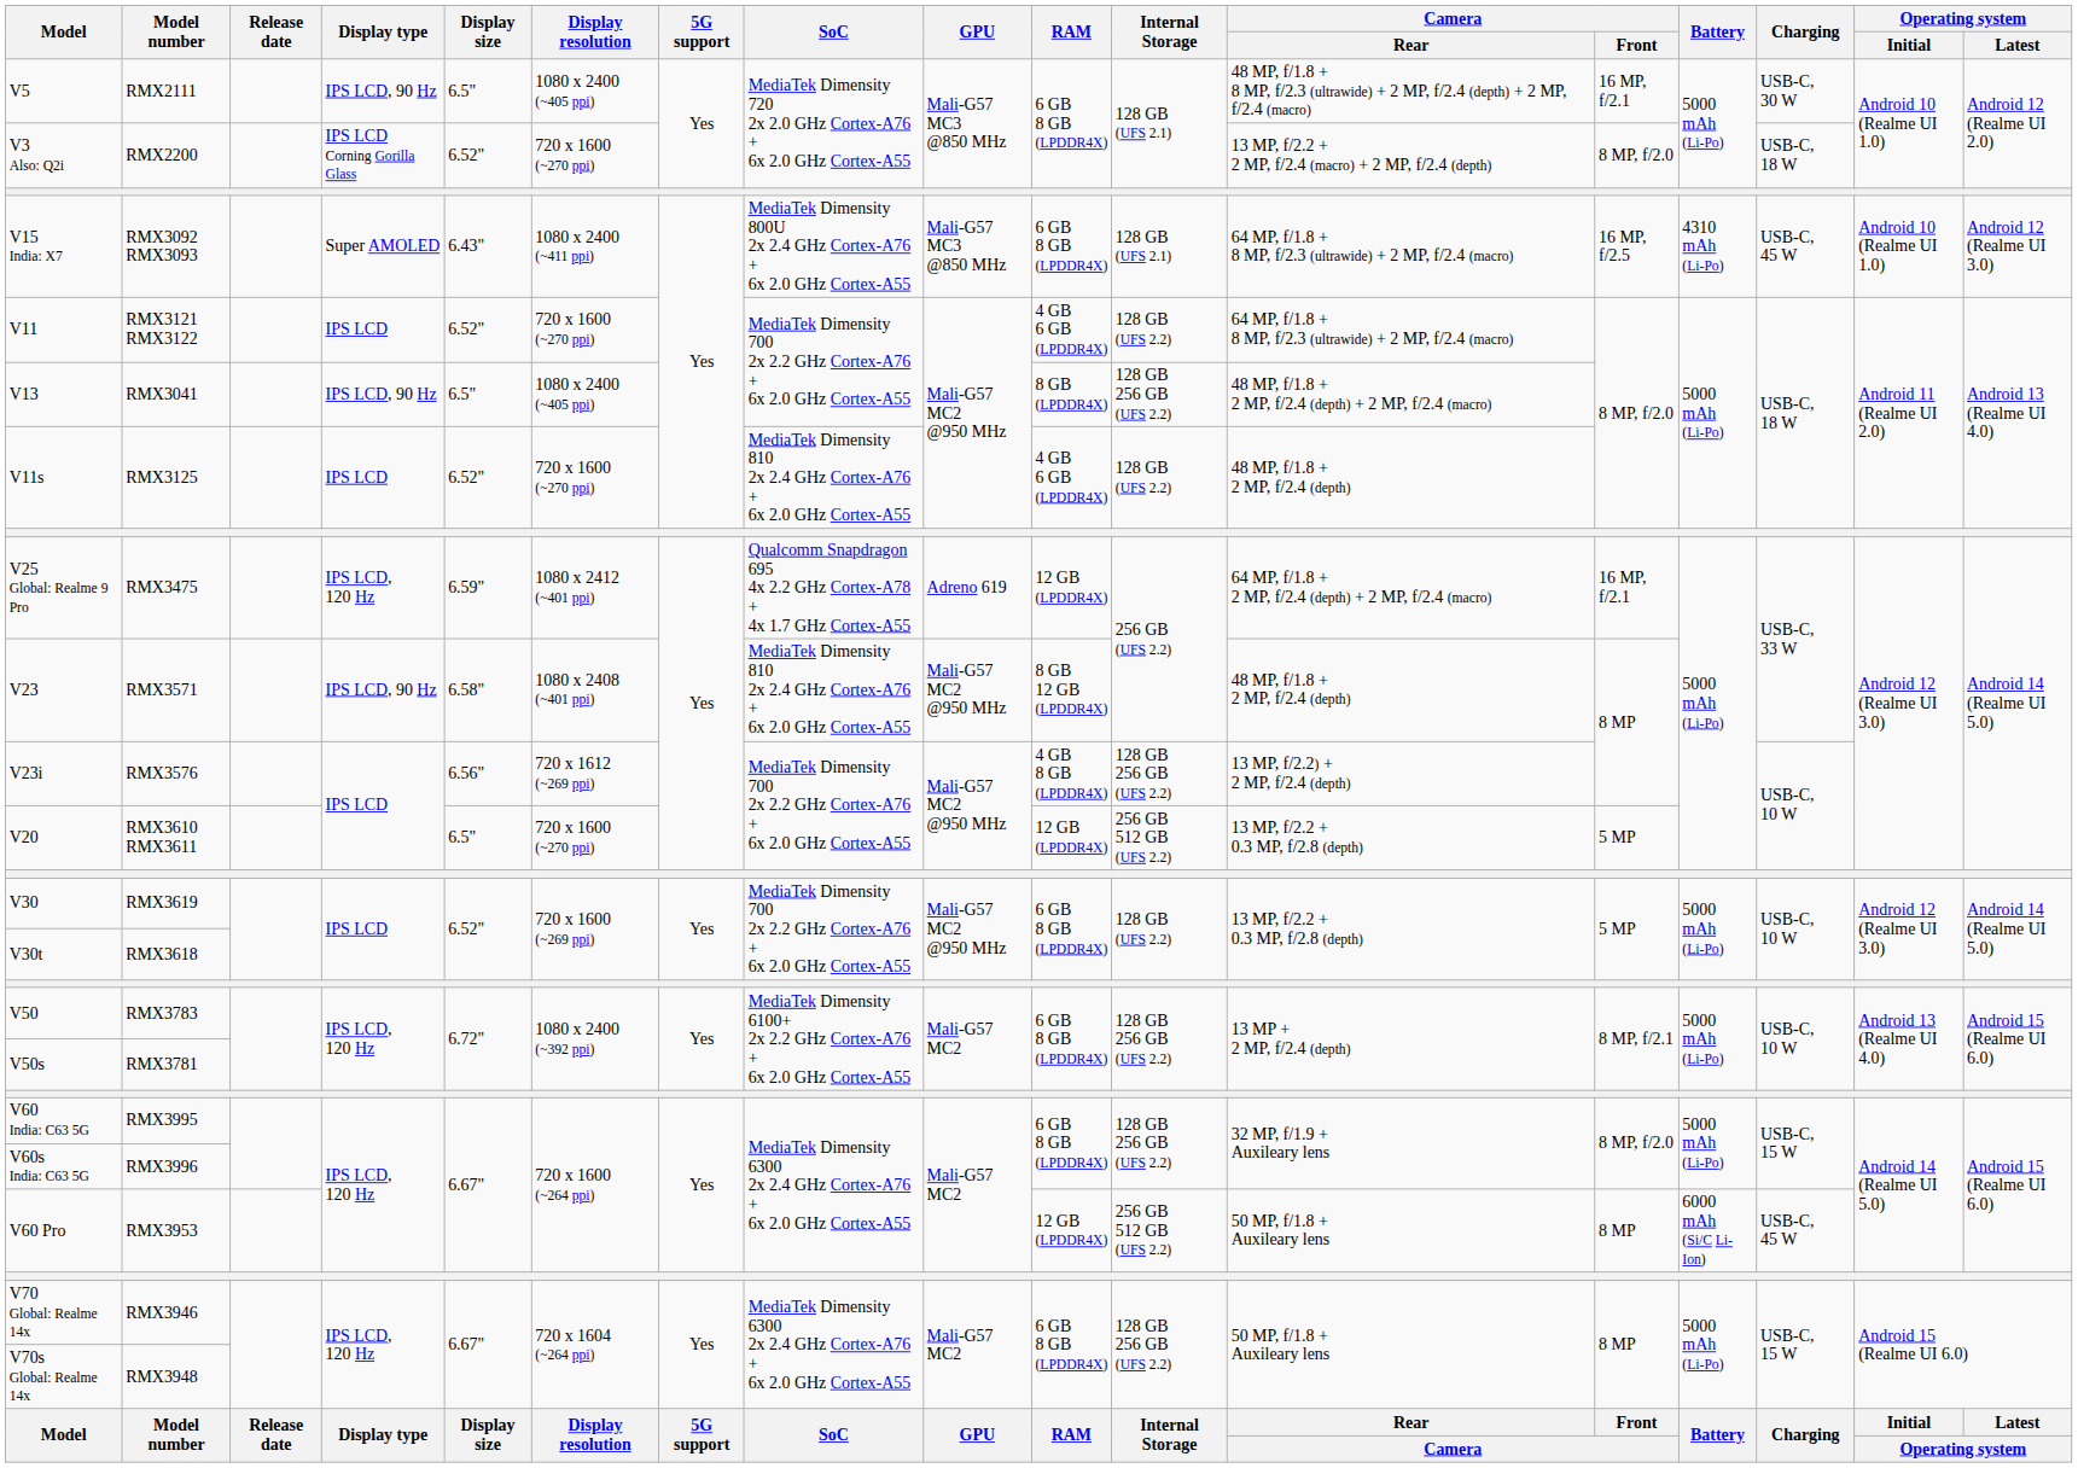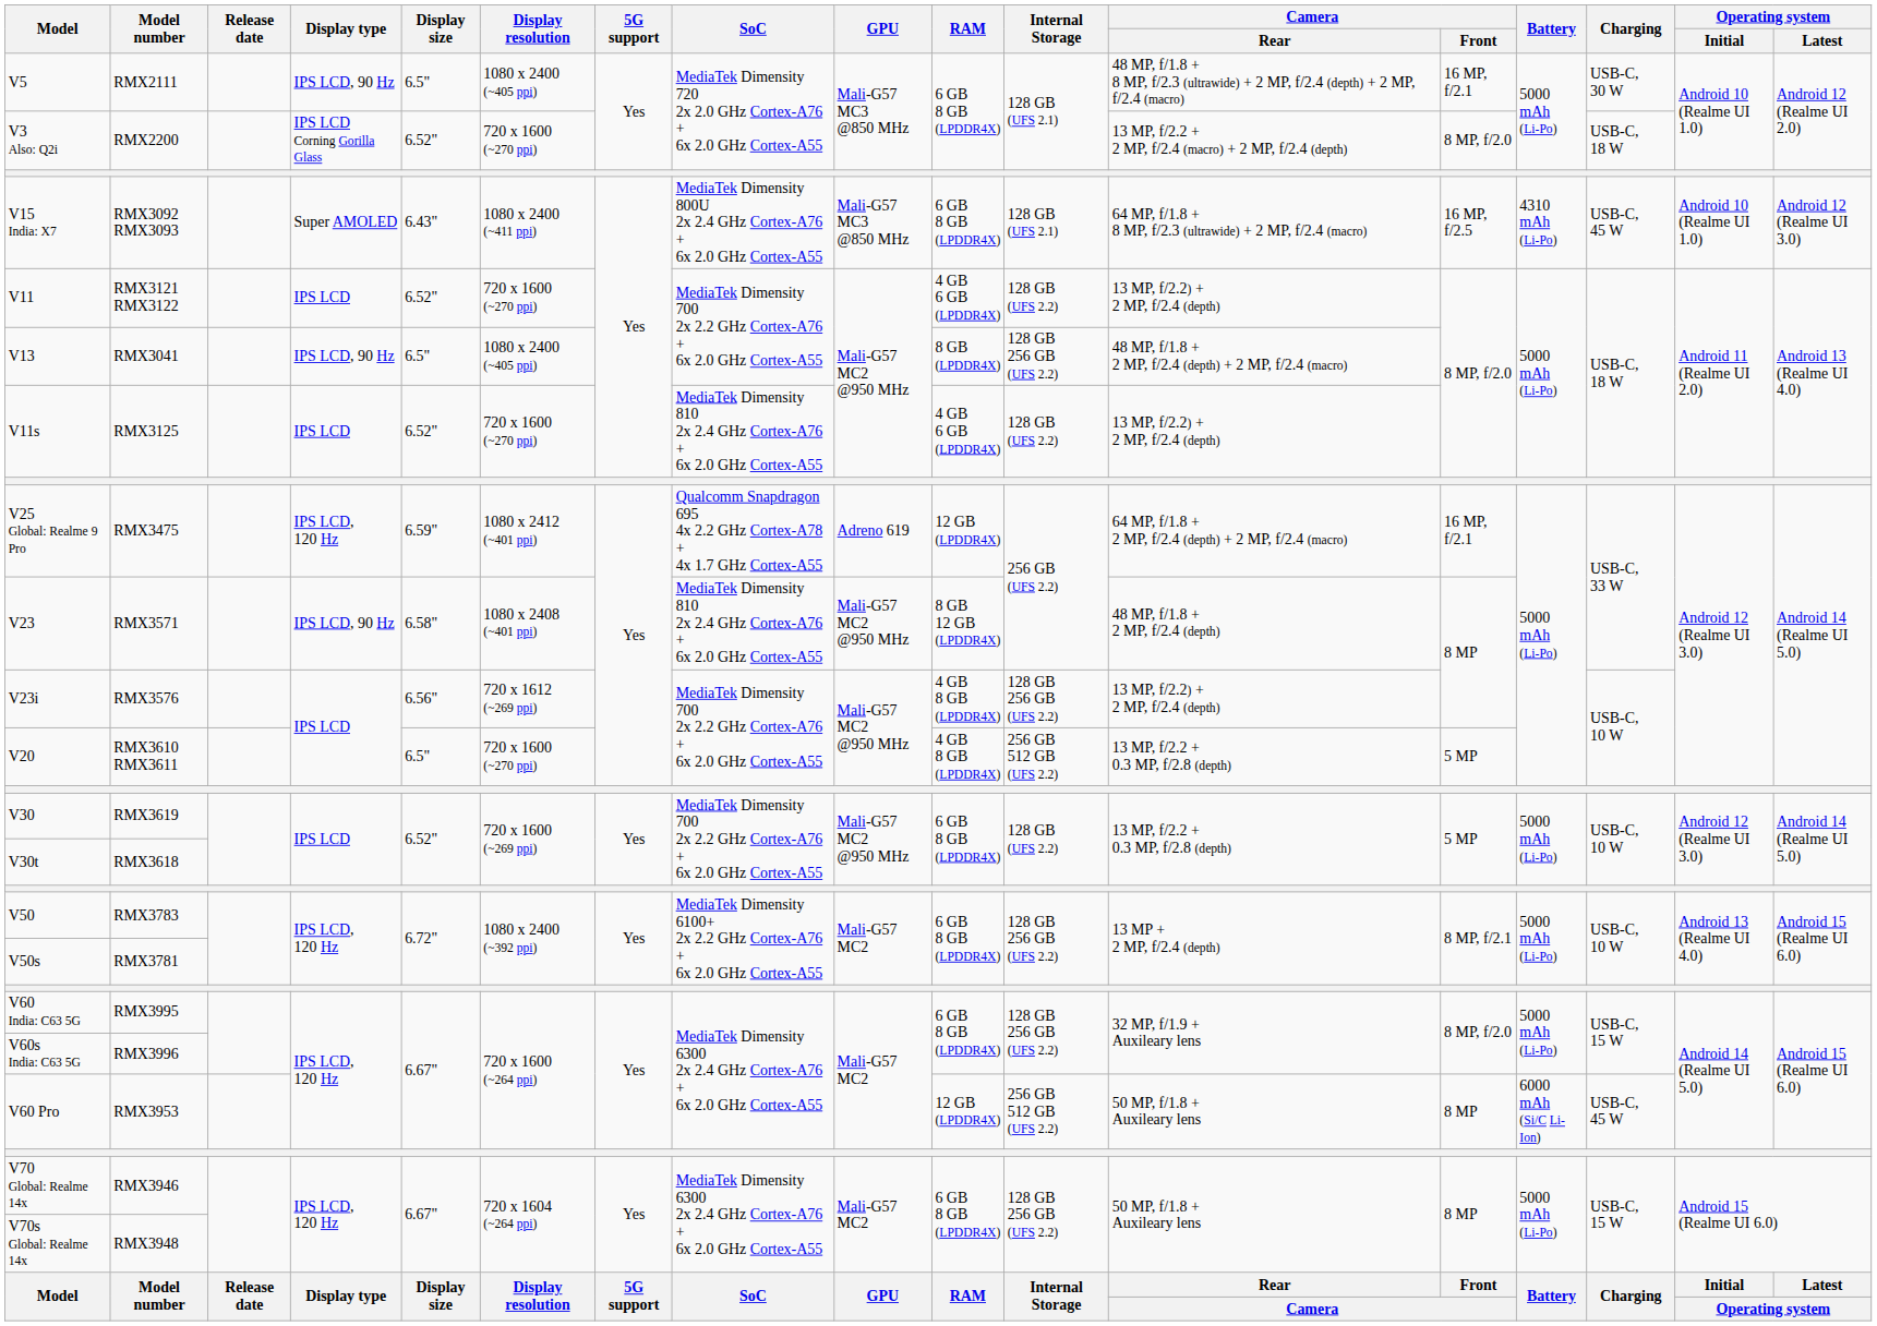 <table class="wikitable sortable mw-collapsible">
 <tr>
 <th rowspan="2">Model</th>
 <th rowspan="2">Model number</th>
 <th rowspan="2">Release date </th>
 <th rowspan="2">Display type</th>
 <th rowspan="2">Display size</th>
 <th rowspan="2"><a href='#'>Display resolution</a></th>
 <th rowspan="2"><a href='#'>5G</a> support</th>
 <th rowspan="2"><a href='#'>SoC</a></th>
 <th rowspan="2"><a href='#'>GPU</a></th>
 <th rowspan="2"><a href='#'>RAM</a></th>
 <th rowspan="2">Internal Storage</th>
 <th colspan="2"><a href='#'>Camera</a></th>
 <th rowspan="2"><a href='#'>Battery</a></th>
 <th rowspan="2">Charging</th>
 <th colspan="2"><a href='#'>Operating system</a></th>
 </tr>
 <tr>
 <th>Rear</th>
 <th>Front</th>
 <th>Initial</th>
 <th>Latest</th>
 </tr>
 <tr>
 <td>V5</td>
 <td>RMX2111</td>
 <td></td>
 <td><a href='#'>IPS LCD</a>, 90 <a href='#'>Hz</a></td>
 <td>6.5"</td>
 <td>1080 x 2400<br><small>(~405 <a href='#'>ppi</a>)</small></td>
 <td rowspan="2" style="text-align:center;">Yes</td>
 <td rowspan="2"><a href='#'>MediaTek</a> Dimensity 720<br>2x 2.0 GHz <a href='#'>Cortex-A76</a> +<br>6x 2.0 GHz <a href='#'>Cortex-A55</a></td>
 <td rowspan="2"><a href='#'>Mali</a>-G57 MC3<br>@850 MHz</td>
 <td rowspan="2">6 GB<br>8 GB<br><small>(<a href='#'>LPDDR4X</a>)</small></td>
 <td rowspan="2">128 GB<br><small>(<a href='#'>UFS</a> 2.1)</small></td>
 <td>48 MP, f/1.8 +<br>8 MP, f/2.3 <small>(ultrawide)</small> + 2 MP, f/2.4 <small>(depth)</small> + 2 MP, f/2.4 <small>(macro)</small></td>
 <td>16 MP, f/2.1</td>
 <td rowspan="2">5000 <a href='#'>mAh</a><br><small>(<a href='#'>Li-Po</a>)</small></td>
 <td>USB-C, 30 W</td>
 <td rowspan="2"><a href='#'>Android 10</a><br>(Realme UI 1.0)</td>
 <td rowspan="2"><a href='#'>Android 12</a><br>(Realme UI 2.0)</td>
 </tr>
 <tr>
 <td>V3<br><small>Also: Q2i</small></td>
 <td>RMX2200</td>
 <td></td>
 <td><a href='#'>IPS LCD</a><br><small>Corning <a href='#'>Gorilla Glass</a></small></td>
 <td>6.52"</td>
 <td>720 x 1600<br><small>(~270 <a href='#'>ppi</a>)</small></td>
 <td>13 MP, f/2.2 +<br>2 MP, f/2.4 <small>(macro)</small> + 2 MP, f/2.4 <small>(depth)</small></td>
 <td>8 MP, f/2.0</td>
 <td>USB-C, 18 W</td>
 </tr>
 <tr>
 <th colspan="17"></th>
 </tr>
 <tr>
 <td>V15<br><small>India: X7</small></td>
 <td>RMX3092<br>RMX3093</td>
 <td></td>
 <td>Super <a href='#'>AMOLED</a></td>
 <td>6.43"</td>
 <td>1080 x 2400<br><small>(~411 <a href='#'>ppi</a>)</small></td>
 <td rowspan="4" style="text-align:center;">Yes</td>
 <td><a href='#'>MediaTek</a> Dimensity 800U<br>2x 2.4 GHz <a href='#'>Cortex-A76</a> +<br>6x 2.0 GHz <a href='#'>Cortex-A55</a></td>
 <td><a href='#'>Mali</a>-G57 MC3<br>@850 MHz</td>
 <td>6 GB<br>8 GB<br><small>(<a href='#'>LPDDR4X</a>)</small></td>
 <td>128 GB<br><small>(<a href='#'>UFS</a> 2.1)</small></td>
 <td>64 MP, f/1.8 +<br>8 MP, f/2.3 <small>(ultrawide)</small>  + 2 MP, f/2.4 <small>(macro)</small></td>
 <td>16 MP, f/2.5</td>
 <td>4310 <a href='#'>mAh</a><br><small>(<a href='#'>Li-Po</a>)</small></td>
 <td>USB-C, 45 W</td>
 <td><a href='#'>Android 10</a><br>(Realme UI 1.0)</td>
 <td><a href='#'>Android 12</a><br>(Realme UI 3.0)</td>
 </tr>
 <tr>
 <td>V11</td>
 <td>RMX3121<br>RMX3122</td>
 <td></td>
 <td><a href='#'>IPS LCD</a></td>
 <td>6.52"</td>
 <td>720 x 1600<br><small>(~270 <a href='#'>ppi</a>)</small></td>
 <td rowspan="2"><a href='#'>MediaTek</a> Dimensity 700<br>2x 2.2 GHz <a href='#'>Cortex-A76</a> +<br>6x 2.0 GHz <a href='#'>Cortex-A55</a></td>
 <td rowspan="3"><a href='#'>Mali</a>-G57 MC2<br>@950 MHz</td>
 <td>4 GB<br>6 GB<br><small>(<a href='#'>LPDDR4X</a>)</small></td>
 <td>128 GB<br><small>(<a href='#'>UFS</a> 2.2)</small></td>
-<td>64 MP, f/1.8 +<br>8 MP, f/2.3 <small>(ultrawide)</small>  + 2 MP, f/2.4 <small>(macro)</small></td>
+<td>13 MP, f/2.2<small>)</small> +<br>2 MP, f/2.4 <small>(depth)</small></td>
 <td rowspan="3">8 MP, f/2.0</td>
 <td rowspan="3">5000 <a href='#'>mAh</a><br><small>(<a href='#'>Li-Po</a>)</small></td>
 <td rowspan="3">USB-C, 18 W</td>
 <td rowspan="3"><a href='#'>Android 11</a><br>(Realme UI 2.0)</td>
 <td rowspan="3"><a href='#'>Android 13</a><br>(Realme UI 4.0)</td>
 </tr>
 <tr>
 <td>V13</td>
 <td>RMX3041</td>
 <td></td>
 <td><a href='#'>IPS LCD</a>, 90 <a href='#'>Hz</a></td>
 <td>6.5"</td>
 <td>1080 x 2400<br><small>(~405 <a href='#'>ppi</a>)</small></td>
 <td>8 GB<br><small>(<a href='#'>LPDDR4X</a>)</small></td>
 <td>128 GB<br>256 GB<br><small>(<a href='#'>UFS</a> 2.2)</small></td>
 <td>48 MP, f/1.8 +<br>2 MP, f/2.4 <small>(depth)</small> + 2 MP, f/2.4 <small>(macro)</small></td>
 </tr>
 <tr>
 <td>V11s</td>
 <td>RMX3125</td>
 <td></td>
 <td><a href='#'>IPS LCD</a></td>
 <td>6.52"</td>
 <td>720 x 1600<br><small>(~270 <a href='#'>ppi</a>)</small></td>
 <td><a href='#'>MediaTek</a> Dimensity 810<br>2x 2.4 GHz <a href='#'>Cortex-A76</a> +<br>6x 2.0 GHz <a href='#'>Cortex-A55</a></td>
 <td>4 GB<br>6 GB<br><small>(<a href='#'>LPDDR4X</a>)</small></td>
 <td>128 GB<br><small>(<a href='#'>UFS</a> 2.2)</small></td>
-<td>48 MP, f/1.8 +<br>2 MP, f/2.4 <small>(depth)</small></td>
+<td>13 MP, f/2.2<small>)</small> +<br>2 MP, f/2.4 <small>(depth)</small></td>
 </tr>
 <tr>
 <th colspan="17"></th>
 </tr>
 <tr>
 <td>V25<br><small>Global: Realme 9 Pro</small></td>
 <td>RMX3475</td>
 <td></td>
 <td><a href='#'>IPS LCD</a>, 120 <a href='#'>Hz</a></td>
 <td>6.59"</td>
 <td>1080 x 2412<br><small>(~401 <a href='#'>ppi</a>)</small></td>
 <td rowspan="4" style="text-align:center;">Yes</td>
 <td><a href='#'>Qualcomm Snapdragon</a> 695<br>4x 2.2 GHz <a href='#'>Cortex-A78</a> +<br>4x 1.7 GHz <a href='#'>Cortex-A55</a></td>
 <td><a href='#'>Adreno</a> 619</td>
 <td>12 GB<br><small>(<a href='#'>LPDDR4X</a>)</small></td>
 <td rowspan="2">256 GB<br><small>(<a href='#'>UFS</a> 2.2)</small></td>
 <td>64 MP, f/1.8 +<br>2 MP, f/2.4 <small>(depth)</small> + 2 MP, f/2.4 <small>(macro)</small></td>
 <td>16 MP, f/2.1</td>
 <td rowspan="4">5000 <a href='#'>mAh</a><br><small>(<a href='#'>Li-Po</a>)</small></td>
 <td rowspan="2">USB-C, 33 W</td>
 <td rowspan="4"><a href='#'>Android 12</a><br>(Realme UI 3.0)</td>
 <td rowspan="4"><a href='#'>Android 14</a><br>(Realme UI 5.0)</td>
 </tr>
 <tr>
 <td>V23</td>
 <td>RMX3571</td>
 <td></td>
 <td><a href='#'>IPS LCD</a>, 90 <a href='#'>Hz</a></td>
 <td>6.58"</td>
 <td>1080 x 2408<br><small>(~401 <a href='#'>ppi</a>)</small></td>
 <td><a href='#'>MediaTek</a> Dimensity 810<br>2x 2.4 GHz <a href='#'>Cortex-A76</a> +<br>6x 2.0 GHz <a href='#'>Cortex-A55</a></td>
 <td><a href='#'>Mali</a>-G57 MC2<br>@950 MHz</td>
 <td>8 GB<br>12 GB<br><small>(<a href='#'>LPDDR4X</a>)</small></td>
 <td>48 MP, f/1.8 +<br>2 MP, f/2.4 <small>(depth)</small></td>
 <td rowspan="2">8 MP</td>
 </tr>
 <tr>
 <td>V23i</td>
 <td>RMX3576</td>
 <td></td>
 <td rowspan="2"><a href='#'>IPS LCD</a></td>
 <td>6.56"</td>
 <td>720 x 1612<br><small>(~269 <a href='#'>ppi</a>)</small></td>
 <td rowspan="2"><a href='#'>MediaTek</a> Dimensity 700<br>2x 2.2 GHz <a href='#'>Cortex-A76</a> +<br>6x 2.0 GHz <a href='#'>Cortex-A55</a></td>
 <td rowspan="2"><a href='#'>Mali</a>-G57 MC2<br>@950 MHz</td>
 <td>4 GB<br>8 GB<br><small>(<a href='#'>LPDDR4X</a>)</small></td>
 <td>128 GB<br>256 GB<br><small>(<a href='#'>UFS</a> 2.2)</small></td>
 <td>13 MP, f/2.2<small>)</small> +<br>2 MP, f/2.4 <small>(depth)</small></td>
 <td rowspan="2">USB-C, 10 W</td>
 </tr>
 <tr>
 <td>V20</td>
 <td>RMX3610<br>RMX3611</td>
 <td></td>
 <td>6.5"</td>
 <td>720 x 1600<br><small>(~270 <a href='#'>ppi</a>)</small></td>
-<td>12 GB<br><small>(<a href='#'>LPDDR4X</a>)</small></td>
+<td>4 GB<br>8 GB<br><small>(<a href='#'>LPDDR4X</a>)</small></td>
 <td>256 GB<br>512 GB<br><small>(<a href='#'>UFS</a> 2.2)</small></td>
 <td>13 MP, f/2.2 +<br>0.3 MP, f/2.8 <small>(depth)</small></td>
 <td>5 MP</td>
 </tr>
 <tr>
 <th colspan="17"></th>
 </tr>
 <tr>
 <td>V30</td>
 <td>RMX3619</td>
 <td rowspan="2"></td>
 <td rowspan="2"><a href='#'>IPS LCD</a></td>
 <td rowspan="2">6.52"</td>
 <td rowspan="2">720 x 1600<br><small>(~269 <a href='#'>ppi</a>)</small></td>
 <td rowspan="2" style="text-align:center;">Yes</td>
 <td rowspan="2"><a href='#'>MediaTek</a> Dimensity 700<br>2x 2.2 GHz <a href='#'>Cortex-A76</a> +<br>6x 2.0 GHz <a href='#'>Cortex-A55</a></td>
 <td rowspan="2"><a href='#'>Mali</a>-G57 MC2<br>@950 MHz</td>
 <td rowspan="2">6 GB<br>8 GB<br><small>(<a href='#'>LPDDR4X</a>)</small></td>
 <td rowspan="2">128 GB<br><small>(<a href='#'>UFS</a> 2.2)</small></td>
 <td rowspan="2">13 MP, f/2.2 +<br>0.3 MP, f/2.8 <small>(depth)</small></td>
 <td rowspan="2">5 MP</td>
 <td rowspan="2">5000 <a href='#'>mAh</a><br><small>(<a href='#'>Li-Po</a>)</small></td>
 <td rowspan="2">USB-C, 10 W</td>
 <td rowspan="2"><a href='#'>Android 12</a><br>(Realme UI 3.0)</td>
 <td rowspan="2"><a href='#'>Android 14</a><br>(Realme UI 5.0)</td>
 </tr>
 <tr>
 <td>V30t</td>
 <td>RMX3618</td>
 </tr>
 <tr>
 <th colspan="17"></th>
 </tr>
 <tr>
 <td>V50</td>
 <td>RMX3783</td>
 <td rowspan="2"></td>
 <td rowspan="2"><a href='#'>IPS LCD</a>, 120 <a href='#'>Hz</a></td>
 <td rowspan="2">6.72"</td>
 <td rowspan="2">1080 x 2400<br><small>(~392 <a href='#'>ppi</a>)</small></td>
 <td rowspan="2" style="text-align:center;">Yes</td>
 <td rowspan="2"><a href='#'>MediaTek</a> Dimensity 6100+<br>2x 2.2 GHz <a href='#'>Cortex-A76</a> +<br>6x 2.0 GHz <a href='#'>Cortex-A55</a></td>
 <td rowspan="2"><a href='#'>Mali</a>-G57 MC2</td>
 <td rowspan="2">6 GB<br>8 GB<br><small>(<a href='#'>LPDDR4X</a>)</small></td>
 <td rowspan="2">128 GB<br>256 GB<br><small>(<a href='#'>UFS</a> 2.2)</small></td>
 <td rowspan="2">13 MP +<br>2 MP, f/2.4 <small>(depth)</small></td>
 <td rowspan="2">8 MP, f/2.1</td>
 <td rowspan="2">5000 <a href='#'>mAh</a><br><small>(<a href='#'>Li-Po</a>)</small></td>
 <td rowspan="2">USB-C, 10 W</td>
 <td rowspan="2"><a href='#'>Android 13</a><br>(Realme UI 4.0)</td>
 <td rowspan="2"><a href='#'>Android 15</a><br>(Realme UI 6.0)</td>
 </tr>
 <tr>
 <td>V50s</td>
 <td>RMX3781</td>
 </tr>
 <tr>
 <th colspan="17"></th>
 </tr>
 <tr>
 <td>V60<br><small>India: C63 5G</small></td>
 <td>RMX3995</td>
 <td rowspan="2"></td>
 <td rowspan="3"><a href='#'>IPS LCD</a>, 120 <a href='#'>Hz</a></td>
 <td rowspan="3">6.67"</td>
 <td rowspan="3">720 x 1600<br><small>(~264 <a href='#'>ppi</a>)</small></td>
 <td rowspan="3" style="text-align:center;">Yes</td>
 <td rowspan="3"><a href='#'>MediaTek</a> Dimensity 6300<br>2x 2.4 GHz <a href='#'>Cortex-A76</a> +<br>6x 2.0 GHz <a href='#'>Cortex-A55</a></td>
 <td rowspan="3"><a href='#'>Mali</a>-G57 MC2</td>
 <td rowspan="2">6 GB<br>8 GB<br><small>(<a href='#'>LPDDR4X</a>)</small></td>
 <td rowspan="2">128 GB<br>256 GB<br><small>(<a href='#'>UFS</a> 2.2)</small></td>
 <td rowspan="2">32 MP, f/1.9 +<br>Auxileary lens</td>
 <td rowspan="2">8 MP, f/2.0</td>
 <td rowspan="2">5000 <a href='#'>mAh</a><br><small>(<a href='#'>Li-Po</a>)</small></td>
 <td rowspan="2">USB-C, 15 W</td>
 <td rowspan="3"><a href='#'>Android 14</a><br>(Realme UI 5.0)</td>
 <td rowspan="3"><a href='#'>Android 15</a><br>(Realme UI 6.0)</td>
 </tr>
 <tr>
 <td>V60s<br><small>India: C63 5G</small></td>
 <td>RMX3996</td>
 </tr>
 <tr>
 <td>V60 Pro</td>
 <td>RMX3953</td>
 <td></td>
 <td>12 GB<br><small>(<a href='#'>LPDDR4X</a>)</small></td>
 <td>256 GB<br>512 GB<br><small>(<a href='#'>UFS</a> 2.2)</small></td>
 <td>50 MP, f/1.8 +<br>Auxileary lens</td>
 <td>8 MP</td>
 <td>6000 <a href='#'>mAh</a><br><small>(<a href='#'>Si/C</a> <a href='#'>Li-Ion</a>)</small></td>
 <td>USB-C, 45 W</td>
 </tr>
 <tr>
 <th colspan="17"></th>
 </tr>
 <tr>
 <td>V70<br><small>Global: Realme 14x</small></td>
 <td>RMX3946</td>
 <td rowspan="2"></td>
 <td rowspan="2"><a href='#'>IPS LCD</a>, 120 <a href='#'>Hz</a></td>
 <td rowspan="2">6.67"</td>
 <td rowspan="2">720 x 1604<br><small>(~264 <a href='#'>ppi</a>)</small></td>
 <td rowspan="2" style="text-align:center;">Yes</td>
 <td rowspan="2"><a href='#'>MediaTek</a> Dimensity 6300<br>2x 2.4 GHz <a href='#'>Cortex-A76</a> +<br>6x 2.0 GHz <a href='#'>Cortex-A55</a></td>
 <td rowspan="2"><a href='#'>Mali</a>-G57 MC2</td>
 <td rowspan="2">6 GB<br>8 GB<br><small>(<a href='#'>LPDDR4X</a>)</small></td>
 <td rowspan="2">128 GB<br>256 GB<br><small>(<a href='#'>UFS</a> 2.2)</small></td>
 <td rowspan="2">50 MP, f/1.8 +<br>Auxileary lens</td>
 <td rowspan="2">8 MP</td>
 <td rowspan="2">5000 <a href='#'>mAh</a><br><small>(<a href='#'>Li-Po</a>)</small></td>
 <td rowspan="2">USB-C, 15 W</td>
 <td colspan="2" rowspan="2"><a href='#'>Android 15</a><br>(Realme UI 6.0)</td>
 </tr>
 <tr>
 <td>V70s<br><small>Global: Realme 14x</small></td>
 <td>RMX3948</td>
 </tr>
 <tr>
 <th rowspan="2">Model</th>
 <th rowspan="2">Model number</th>
 <th rowspan="2">Release date</th>
 <th rowspan="2">Display type</th>
 <th rowspan="2">Display size</th>
 <th rowspan="2"><a href='#'>Display resolution</a></th>
 <th rowspan="2"><a href='#'>5G</a> support</th>
 <th rowspan="2"><a href='#'>SoC</a></th>
 <th rowspan="2"><a href='#'>GPU</a></th>
 <th rowspan="2"><a href='#'>RAM</a></th>
 <th rowspan="2">Internal Storage</th>
 <th>Rear</th>
 <th>Front</th>
 <th rowspan="2"><a href='#'>Battery</a></th>
 <th rowspan="2">Charging</th>
 <th>Initial</th>
 <th>Latest</th>
 </tr>
 <tr>
 <th colspan="2"><a href='#'>Camera</a></th>
 <th colspan="2"><a href='#'>Operating system</a></th>
 </tr>
 </table>
